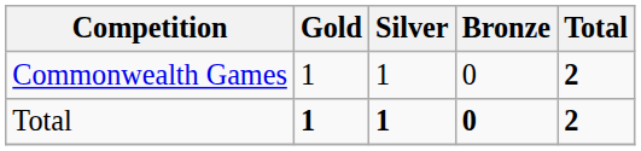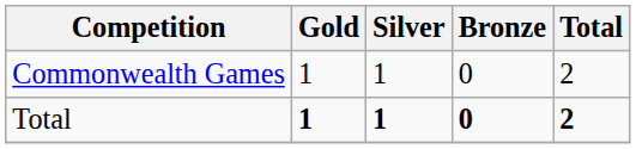 <table class="wikitable sortable">
 <tr>
 <th>Competition</th>
 <th>Gold</th>
 <th>Silver</th>
 <th>Bronze</th>
 <th>Total</th>
 </tr>
 <tr>
 <td><a href='#'>Commonwealth Games</a></td>
 <td>1</td>
 <td>1</td>
 <td>0</td>
-<td><strong>2</strong></td>
+<td>2</td>
 </tr>
 <tr>
 <td>Total</td>
 <td><strong>1</strong></td>
 <td><strong>1</strong></td>
 <td><strong>0</strong></td>
 <td><strong>2</strong></td>
 </tr>
 <tr>
 </tr>
 </table>
